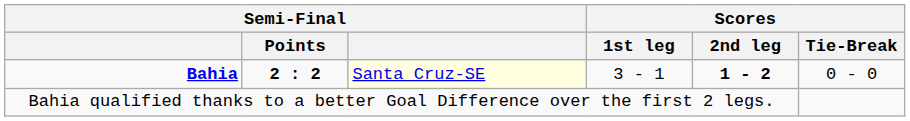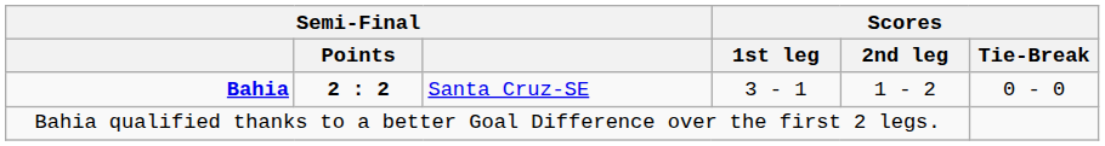 <table class="wikitable" style="text-align:center;">
 <tr>
 <th colspan=3>Semi-Final</th>
 <th colspan=3>Scores</th>
 </tr>
 <tr>
 <th width="175"></th>
 <th width="75">Points</th>
 <th width="175"></th>
 <th width="75">1st leg</th>
 <th width="75">2nd leg</th>
 <th width="75">Tie-Break</th>
 </tr>
 <tr>
 <td align=right><strong><a href='#'>Bahia</a></strong></td>
 <td><strong>2 : 2</strong></td>
-<td align=left style="background: lightyellow;"><a href='#'>Santa Cruz-SE</a></td>
+<td align=left><a href='#'>Santa Cruz-SE</a></td>
 <td>3 - 1</td>
-<td><strong>1 - 2</strong></td>
+<td>1 - 2</td>
 <td>0 - 0</td>
 </tr>
 <tr>
 <td colspan=5>Bahia qualified thanks to a better Goal Difference over the first 2 legs.</td>
 </tr>
 </table>
